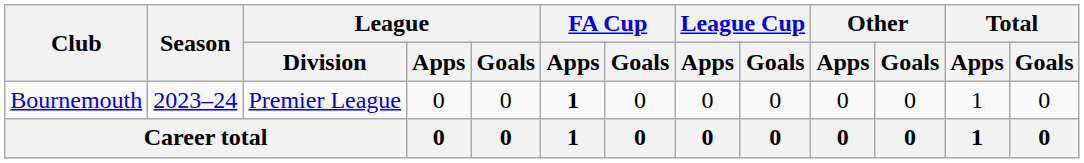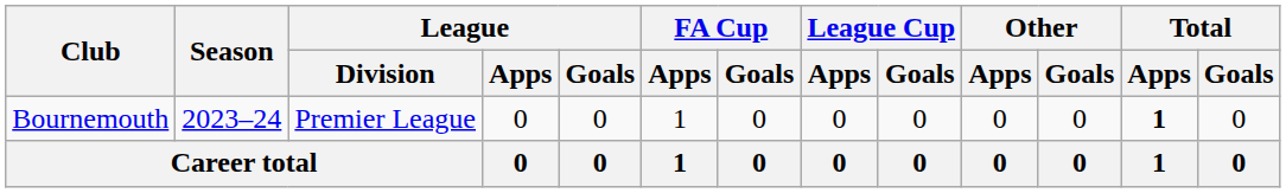 <table class=wikitable style="text-align:center">
 <tr>
 <th rowspan=2>Club</th>
 <th rowspan=2>Season</th>
 <th colspan=3>League</th>
 <th colspan=2><a href='#'>FA Cup</a></th>
 <th colspan=2><a href='#'>League Cup</a></th>
 <th colspan=2>Other</th>
 <th colspan=2>Total</th>
 </tr>
 <tr>
 <th>Division</th>
 <th>Apps</th>
 <th>Goals</th>
 <th>Apps</th>
 <th>Goals</th>
 <th>Apps</th>
 <th>Goals</th>
 <th>Apps</th>
 <th>Goals</th>
 <th>Apps</th>
 <th>Goals</th>
 </tr>
 <tr>
 <td><a href='#'>Bournemouth</a></td>
 <td><a href='#'>2023–24</a></td>
 <td><a href='#'>Premier League</a></td>
 <td>0</td>
 <td>0</td>
-<td><strong>1</strong></td>
+<td>1</td>
 <td>0</td>
 <td>0</td>
 <td>0</td>
 <td>0</td>
 <td>0</td>
-<td>1</td>
+<td><strong>1</strong></td>
 <td>0</td>
 </tr>
 <tr>
 <th colspan=3>Career total</th>
 <th>0</th>
 <th>0</th>
 <th>1</th>
 <th>0</th>
 <th>0</th>
 <th>0</th>
 <th>0</th>
 <th>0</th>
 <th>1</th>
 <th>0</th>
 </tr>
 </table>
